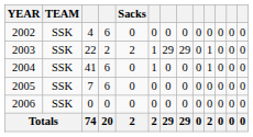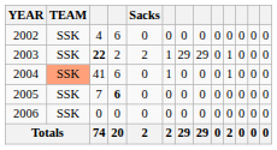 <table class="wikitable" style="text-align:center;">
 <tr>
 <th>YEAR</th>
 <th>TEAM</th>
 <th></th>
 <th></th>
 <th>Sacks</th>
 <th></th>
 <th></th>
 <th></th>
 <th></th>
 <th></th>
 <th></th>
 <th></th>
 <th></th>
 </tr>
 <tr>
 <td>2002</td>
 <td>SSK</td>
 <td>4</td>
 <td>6</td>
 <td>0</td>
 <td>0</td>
 <td>0</td>
 <td>0</td>
 <td>0</td>
 <td>0</td>
 <td>0</td>
 <td>0</td>
 <td>0</td>
 </tr>
 <tr>
 <td>2003</td>
 <td>SSK</td>
-<td>22</td>
+<td><strong>22</strong></td>
 <td>2</td>
 <td>2</td>
 <td>1</td>
 <td>29</td>
 <td>29</td>
 <td>0</td>
 <td>1</td>
 <td>0</td>
 <td>0</td>
 <td>0</td>
 </tr>
 <tr>
 <td>2004</td>
-<td>SSK</td>
+<td style="background: lightsalmon;">SSK</td>
 <td>41</td>
 <td>6</td>
 <td>0</td>
 <td>1</td>
 <td>0</td>
 <td>0</td>
 <td>0</td>
 <td>1</td>
 <td>0</td>
 <td>0</td>
 <td>0</td>
 </tr>
 <tr>
 <td>2005</td>
 <td>SSK</td>
 <td>7</td>
-<td>6</td>
+<td><strong>6</strong></td>
 <td>0</td>
 <td>0</td>
 <td>0</td>
 <td>0</td>
 <td>0</td>
 <td>0</td>
 <td>0</td>
 <td>0</td>
 <td>0</td>
 </tr>
 <tr>
 <td>2006</td>
 <td>SSK</td>
 <td>0</td>
 <td>0</td>
 <td>0</td>
 <td>0</td>
 <td>0</td>
 <td>0</td>
 <td>0</td>
 <td>0</td>
 <td>0</td>
 <td>0</td>
 <td>0</td>
 </tr>
 <tr>
 <th colspan="2">Totals</th>
 <th>74</th>
 <th>20</th>
 <th>2</th>
 <th>2</th>
 <th>29</th>
 <th>29</th>
 <th>0</th>
 <th>2</th>
 <th>0</th>
 <th>0</th>
 <th>0</th>
 </tr>
 </table>
